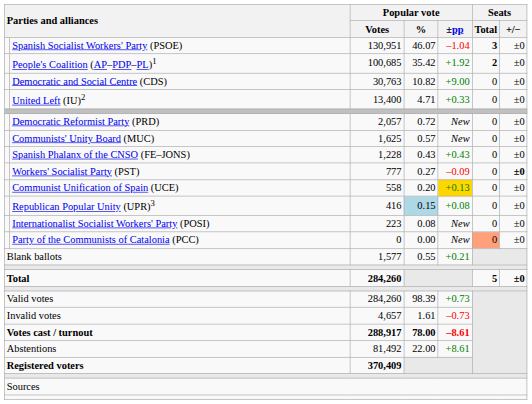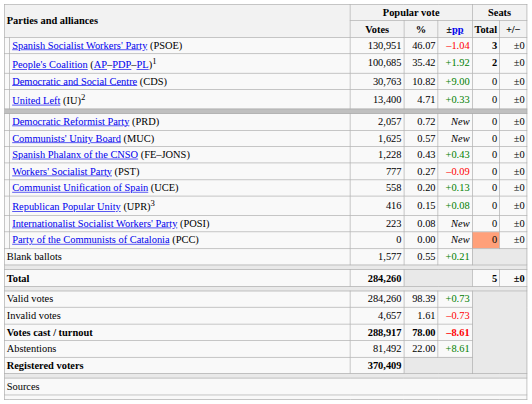 <table class="wikitable" style="text-align:right;">
 <tr>
 <th style="text-align:left;" rowspan="2" colspan="2" width="525">Parties and alliances</th>
 <th colspan="3">Popular vote</th>
 <th colspan="2">Seats</th>
 </tr>
 <tr>
 <th width="75">Votes</th>
 <th width="45">%</th>
 <th width="45">±<a href='#'>pp</a></th>
 <th width="35">Total</th>
 <th width="35">+/−</th>
 </tr>
 <tr>
 <td width="1" style="color:inherit;background:"></td>
 <td align="left"><a href='#'>Spanish Socialist Workers' Party</a> (PSOE)</td>
 <td>130,951</td>
 <td>46.07</td>
 <td style="color:red;">–1.04</td>
 <td><strong>3</strong></td>
 <td>±0</td>
 </tr>
 <tr>
 <td style="color:inherit;background:"></td>
 <td align="left"><a href='#'>People's Coalition</a> (<a href='#'>AP</a>–<a href='#'>PDP</a>–<a href='#'>PL</a>)<sup>1</sup></td>
 <td>100,685</td>
 <td>35.42</td>
 <td style="color:green;">+1.92</td>
 <td><strong>2</strong></td>
 <td>±0</td>
 </tr>
 <tr>
 <td style="color:inherit;background:"></td>
 <td align="left"><a href='#'>Democratic and Social Centre</a> (CDS)</td>
 <td>30,763</td>
 <td>10.82</td>
 <td style="color:green;">+9.00</td>
 <td>0</td>
 <td>±0</td>
 </tr>
 <tr>
 <td style="color:inherit;background:"></td>
 <td align="left"><a href='#'>United Left</a> (IU)<sup>2</sup></td>
 <td>13,400</td>
 <td>4.71</td>
 <td style="color:green;">+0.33</td>
 <td>0</td>
 <td>±0</td>
 </tr>
 <tr>
 <td colspan="7" bgcolor="#C0C0C0"></td>
 </tr>
 <tr>
 <td style="color:inherit;background:"></td>
 <td align="left"><a href='#'>Democratic Reformist Party</a> (PRD)</td>
 <td>2,057</td>
 <td>0.72</td>
 <td><em>New</em></td>
 <td>0</td>
 <td>±0</td>
 </tr>
 <tr>
 <td style="color:inherit;background:"></td>
 <td align="left"><a href='#'>Communists' Unity Board</a> (MUC)</td>
 <td>1,625</td>
 <td>0.57</td>
 <td><em>New</em></td>
 <td>0</td>
 <td>±0</td>
 </tr>
 <tr>
 <td style="color:inherit;background:"></td>
 <td align="left"><a href='#'>Spanish Phalanx of the CNSO</a> (FE–JONS)</td>
 <td>1,228</td>
 <td>0.43</td>
 <td style="color:green;">+0.43</td>
 <td>0</td>
 <td>±0</td>
 </tr>
 <tr>
 <td style="color:inherit;background:"></td>
 <td align="left"><a href='#'>Workers' Socialist Party</a> (PST)</td>
 <td>777</td>
 <td>0.27</td>
 <td style="color:red;">–0.09</td>
 <td>0</td>
-<td><strong>±0</strong></td>
+<td>±0</td>
 </tr>
 <tr>
 <td style="color:inherit;background:"></td>
 <td align="left"><a href='#'>Communist Unification of Spain</a> (UCE)</td>
 <td>558</td>
 <td>0.20</td>
-<td style="background: gold; color:green;">+0.13</td>
+<td style="color:green;">+0.13</td>
 <td>0</td>
 <td>±0</td>
 </tr>
 <tr>
 <td style="color:inherit;background:"></td>
 <td align="left"><a href='#'>Republican Popular Unity</a> (UPR)<sup>3</sup></td>
 <td>416</td>
-<td style="background: lightblue;">0.15</td>
+<td>0.15</td>
 <td style="color:green;">+0.08</td>
 <td>0</td>
 <td>±0</td>
 </tr>
 <tr>
 <td style="color:inherit;background:"></td>
 <td align="left"><a href='#'>Internationalist Socialist Workers' Party</a> (POSI)</td>
 <td>223</td>
 <td>0.08</td>
 <td><em>New</em></td>
 <td>0</td>
 <td>±0</td>
 </tr>
 <tr>
 <td style="color:inherit;background:"></td>
 <td align="left"><a href='#'>Party of the Communists of Catalonia</a> (PCC)</td>
 <td>0</td>
 <td>0.00</td>
 <td><em>New</em></td>
 <td style="background: lightsalmon;">0</td>
 <td>±0</td>
 </tr>
 <tr>
 <td align="left" colspan="2">Blank ballots</td>
 <td>1,577</td>
 <td>0.55</td>
 <td style="color:green;">+0.21</td>
 <td bgcolor="#E9E9E9" colspan="2"></td>
 </tr>
 <tr>
 <td colspan="7" bgcolor="#E9E9E9"></td>
 </tr>
 <tr style="font-weight:bold;">
 <td align="left" colspan="2">Total</td>
 <td>284,260</td>
 <td bgcolor="#E9E9E9" colspan="2"></td>
 <td>5</td>
 <td>±0</td>
 </tr>
 <tr>
 <td colspan="7" bgcolor="#E9E9E9"></td>
 </tr>
 <tr>
 <td align="left" colspan="2">Valid votes</td>
 <td>284,260</td>
 <td>98.39</td>
 <td style="color:green;">+0.73</td>
 <td bgcolor="#E9E9E9" colspan="2" rowspan="5"></td>
 </tr>
 <tr>
 <td align="left" colspan="2">Invalid votes</td>
 <td>4,657</td>
 <td>1.61</td>
 <td style="color:red;">–0.73</td>
 </tr>
 <tr style="font-weight:bold;">
 <td align="left" colspan="2">Votes cast / turnout</td>
 <td>288,917</td>
 <td>78.00</td>
 <td style="color:red;">–8.61</td>
 </tr>
 <tr>
 <td align="left" colspan="2">Abstentions</td>
 <td>81,492</td>
 <td>22.00</td>
 <td style="color:green;">+8.61</td>
 </tr>
 <tr style="font-weight:bold;">
 <td align="left" colspan="2">Registered voters</td>
 <td>370,409</td>
 <td bgcolor="#E9E9E9" colspan="2"></td>
 </tr>
 <tr>
 <td colspan="7" bgcolor="#E9E9E9"></td>
 </tr>
 <tr>
 <td align="left" colspan="7">Sources</td>
 </tr>
 <tr>
 <td colspan="7" style="text-align:left; max-width:790px;"></td>
 </tr>
 </table>
